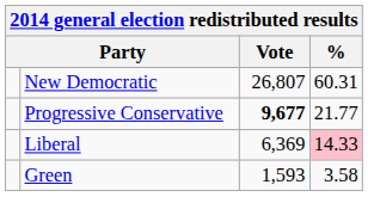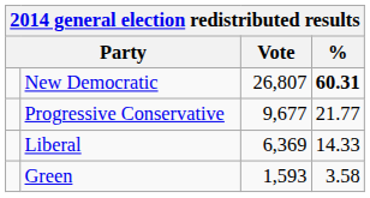 <table class="wikitable">
 <tr>
 <th colspan="4"><a href='#'>2014 general election</a> redistributed results</th>
 </tr>
 <tr>
 <th bgcolor="#DDDDFF" width="130px" colspan="2">Party</th>
 <th bgcolor="#DDDDFF" width="50px">Vote</th>
 <th bgcolor="#DDDDFF" width="30px">%</th>
 </tr>
 <tr>
 <td> </td>
 <td><a href='#'>New Democratic</a></td>
 <td align=right>26,807</td>
-<td align=right>60.31</td>
+<td align=right><strong>60.31</strong></td>
 </tr>
 <tr>
 <td> </td>
 <td><a href='#'>Progressive Conservative</a></td>
-<td align=right><strong>9,677</strong></td>
+<td align=right>9,677</td>
 <td align=right>21.77</td>
 </tr>
 <tr>
 <td> </td>
 <td><a href='#'>Liberal</a></td>
 <td align=right>6,369</td>
-<td align=right style="background: pink;">14.33</td>
+<td align=right>14.33</td>
 </tr>
 <tr>
 <td> </td>
 <td><a href='#'>Green</a></td>
 <td align=right>1,593</td>
 <td align=right>3.58</td>
 </tr>
 </table>
